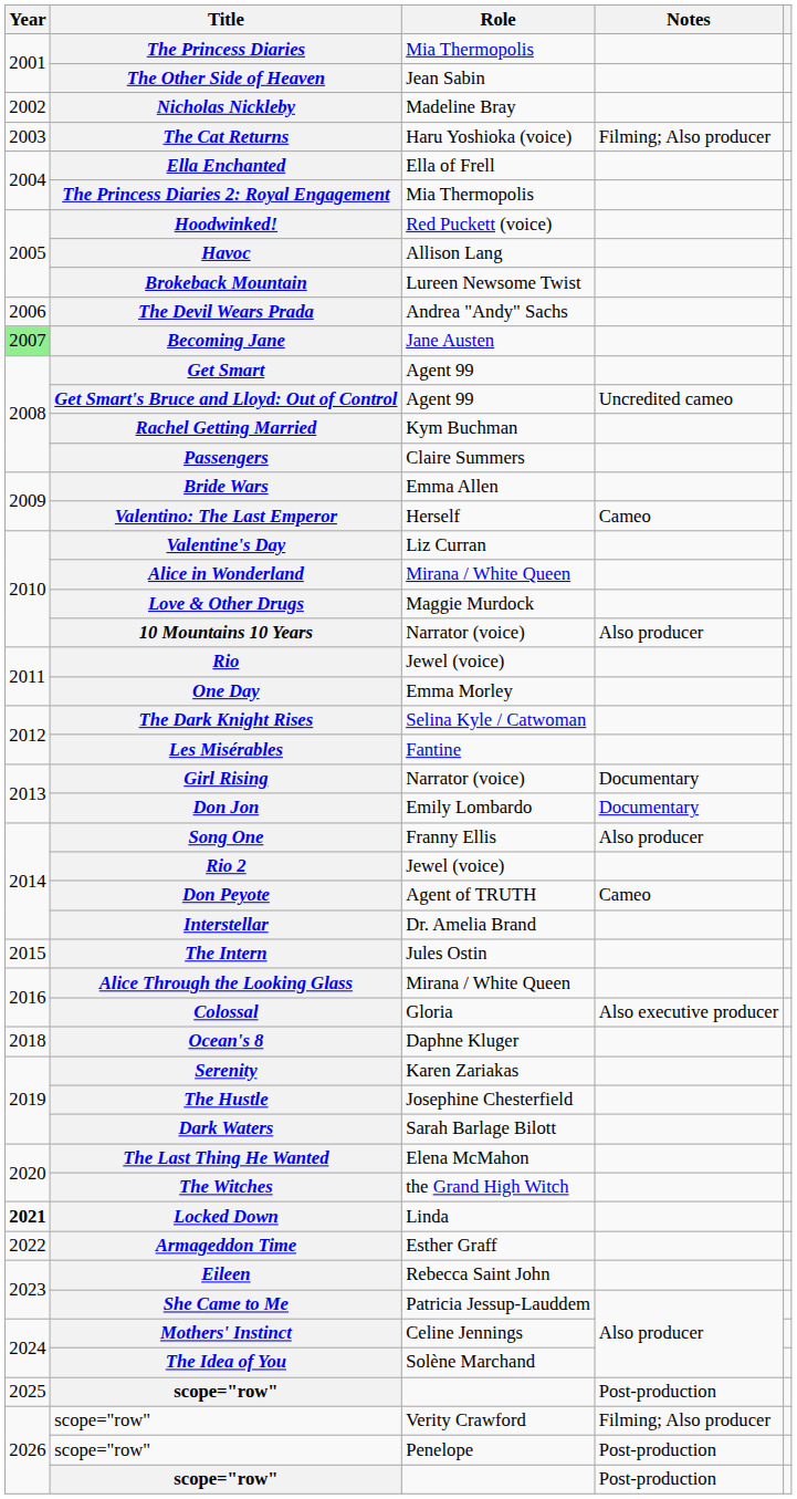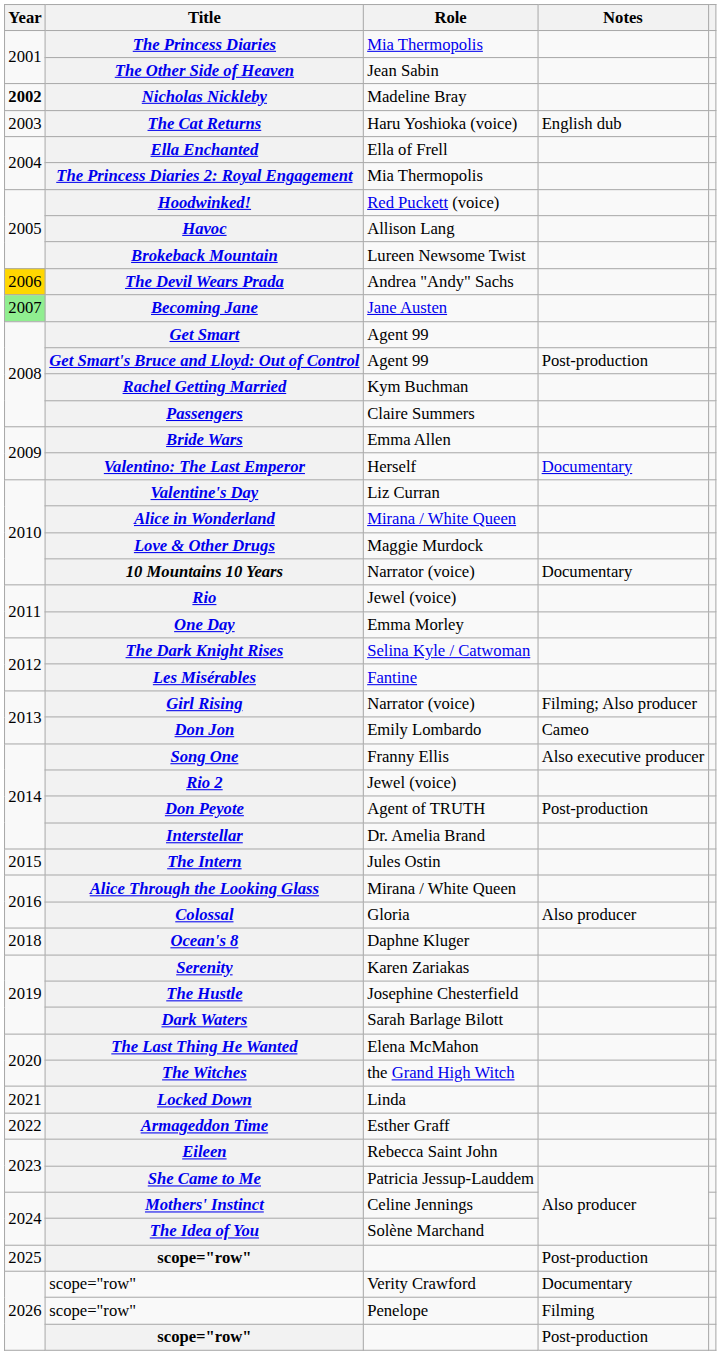 <table class="wikitable plainrowheaders sortable">
 <tr>
 <th scope="col">Year</th>
 <th scope="col">Title</th>
 <th scope="col">Role</th>
 <th scope="col" class="unsortable">Notes</th>
 <th scope=col class="unsortable"></th>
 </tr>
 <tr>
 <td rowspan="2">2001</td>
 <th scope=row><em><a href='#'>The Princess Diaries</a></em></th>
 <td><a href='#'>Mia Thermopolis</a></td>
 <td></td>
 <td style="text-align: center;"></td>
 </tr>
 <tr>
 <th scope=row><em><a href='#'>The Other Side of Heaven</a></em></th>
 <td>Jean Sabin</td>
 <td></td>
 <td style="text-align: center;"></td>
 </tr>
 <tr>
-<td>2002</td>
+<td><strong>2002</strong></td>
 <th scope=row><em><a href='#'>Nicholas Nickleby</a></em></th>
 <td>Madeline Bray</td>
 <td></td>
 <td style="text-align: center;"></td>
 </tr>
 <tr>
 <td>2003</td>
 <th scope=row><em><a href='#'>The Cat Returns</a></em></th>
 <td>Haru Yoshioka (voice)</td>
-<td>Filming; Also producer</td>
+<td>English dub</td>
 <td style="text-align: center;"></td>
 </tr>
 <tr>
 <td rowspan="2">2004</td>
 <th scope=row><em><a href='#'>Ella Enchanted</a></em></th>
 <td>Ella of Frell</td>
 <td></td>
 <td style="text-align: center;"></td>
 </tr>
 <tr>
 <th scope=row><em><a href='#'>The Princess Diaries 2: Royal Engagement</a></em></th>
 <td>Mia Thermopolis</td>
 <td></td>
 <td style="text-align: center;"></td>
 </tr>
 <tr>
 <td rowspan="3">2005</td>
 <th scope=row><em><a href='#'>Hoodwinked!</a></em></th>
 <td><a href='#'>Red Puckett</a> (voice)</td>
 <td></td>
 <td style="text-align: center;"></td>
 </tr>
 <tr>
 <th scope=row><em><a href='#'>Havoc</a></em></th>
 <td>Allison Lang</td>
 <td></td>
 <td style="text-align: center;"></td>
 </tr>
 <tr>
 <th scope=row><em><a href='#'>Brokeback Mountain</a></em></th>
 <td>Lureen Newsome Twist</td>
 <td></td>
 <td style="text-align: center;"></td>
 </tr>
 <tr>
-<td>2006</td>
+<td style="background: gold;">2006</td>
 <th scope=row><em><a href='#'>The Devil Wears Prada</a></em></th>
 <td>Andrea "Andy" Sachs</td>
 <td></td>
 <td style="text-align: center;"></td>
 </tr>
 <tr>
 <td style="background: lightgreen;">2007</td>
 <th scope=row><em><a href='#'>Becoming Jane</a></em></th>
 <td><a href='#'>Jane Austen</a></td>
 <td></td>
 <td style="text-align: center;"></td>
 </tr>
 <tr>
 <td rowspan="4">2008</td>
 <th scope=row><em><a href='#'>Get Smart</a></em></th>
 <td>Agent 99</td>
 <td></td>
 <td style="text-align: center;"></td>
 </tr>
 <tr>
 <th scope=row><em><a href='#'>Get Smart's Bruce and Lloyd: Out of Control</a></em></th>
 <td>Agent 99</td>
-<td>Uncredited cameo</td>
+<td>Post-production</td>
 <td style="text-align: center;"></td>
 </tr>
 <tr>
 <th scope=row><em><a href='#'>Rachel Getting Married</a></em></th>
 <td>Kym Buchman</td>
 <td></td>
 <td style="text-align: center;"></td>
 </tr>
 <tr>
 <th scope=row><em><a href='#'>Passengers</a></em></th>
 <td>Claire Summers</td>
 <td></td>
 <td style="text-align: center;"></td>
 </tr>
 <tr>
 <td rowspan="2">2009</td>
 <th scope=row><em><a href='#'>Bride Wars</a></em></th>
 <td>Emma Allen</td>
 <td></td>
 <td style="text-align: center;"></td>
 </tr>
 <tr>
 <th scope=row><em><a href='#'>Valentino: The Last Emperor</a></em></th>
 <td>Herself</td>
-<td>Cameo</td>
+<td><a href='#'>Documentary</a></td>
 <td style="text-align: center;"></td>
 </tr>
 <tr>
 <td rowspan="4">2010</td>
 <th scope=row><em><a href='#'>Valentine's Day</a></em></th>
 <td>Liz Curran</td>
 <td></td>
 <td style="text-align: center;"></td>
 </tr>
 <tr>
 <th scope=row><em><a href='#'>Alice in Wonderland</a></em></th>
 <td><a href='#'>Mirana / White Queen</a></td>
 <td></td>
 <td style="text-align: center;"></td>
 </tr>
 <tr>
 <th scope=row><em><a href='#'>Love & Other Drugs</a></em></th>
 <td>Maggie Murdock</td>
 <td></td>
 <td style="text-align: center;"></td>
 </tr>
 <tr>
 <th scope=row><em>10 Mountains 10 Years</em></th>
 <td>Narrator (voice)</td>
-<td>Also producer</td>
+<td>Documentary</td>
 <td style="text-align: center;"></td>
 </tr>
 <tr>
 <td rowspan="2">2011</td>
 <th scope=row><em><a href='#'>Rio</a></em></th>
 <td>Jewel (voice)</td>
 <td></td>
 <td style="text-align: center;"></td>
 </tr>
 <tr>
 <th scope=row><em><a href='#'>One Day</a></em></th>
 <td>Emma Morley</td>
 <td></td>
 <td style="text-align: center;"></td>
 </tr>
 <tr>
 <td rowspan="2">2012</td>
 <th scope=row><em><a href='#'>The Dark Knight Rises</a></em></th>
 <td><a href='#'>Selina Kyle / Catwoman</a></td>
 <td></td>
 <td style="text-align: center;"></td>
 </tr>
 <tr>
 <th scope=row><em><a href='#'>Les Misérables</a></em></th>
 <td><a href='#'>Fantine</a></td>
 <td></td>
 <td style="text-align: center;"></td>
 </tr>
 <tr>
 <td rowspan="2">2013</td>
 <th scope=row><em><a href='#'>Girl Rising</a></em></th>
 <td>Narrator (voice)</td>
-<td>Documentary</td>
+<td>Filming; Also producer</td>
 <td style="text-align: center;"></td>
 </tr>
 <tr>
 <th scope=row><em><a href='#'>Don Jon</a></em></th>
 <td>Emily Lombardo</td>
-<td><a href='#'>Documentary</a></td>
+<td>Cameo</td>
 <td style="text-align: center;"></td>
 </tr>
 <tr>
 <td rowspan="4">2014</td>
 <th scope=row><em><a href='#'>Song One</a></em></th>
 <td>Franny Ellis</td>
-<td>Also producer</td>
+<td>Also executive producer</td>
 <td style="text-align: center;"></td>
 </tr>
 <tr>
 <th scope=row><em><a href='#'>Rio 2</a></em></th>
 <td>Jewel (voice)</td>
 <td></td>
 <td style="text-align: center;"></td>
 </tr>
 <tr>
 <th scope=row><em><a href='#'>Don Peyote</a></em></th>
 <td>Agent of TRUTH</td>
-<td>Cameo</td>
+<td>Post-production</td>
 <td style="text-align: center;"></td>
 </tr>
 <tr>
 <th scope=row><em><a href='#'>Interstellar</a></em></th>
 <td>Dr. Amelia Brand</td>
 <td></td>
 <td style="text-align: center;"></td>
 </tr>
 <tr>
 <td>2015</td>
 <th scope=row><em><a href='#'>The Intern</a></em></th>
 <td>Jules Ostin</td>
 <td></td>
 <td style="text-align: center;"></td>
 </tr>
 <tr>
 <td rowspan="2">2016</td>
 <th scope=row><em><a href='#'>Alice Through the Looking Glass</a></em></th>
 <td>Mirana / White Queen</td>
 <td></td>
 <td style="text-align: center;"></td>
 </tr>
 <tr>
 <th scope=row><em><a href='#'>Colossal</a></em></th>
 <td>Gloria</td>
-<td>Also executive producer</td>
+<td>Also producer</td>
 <td style="text-align: center;"></td>
 </tr>
 <tr>
 <td>2018</td>
 <th scope="row"><em><a href='#'>Ocean's 8</a></em></th>
 <td>Daphne Kluger</td>
 <td></td>
 <td style="text-align: center;"></td>
 </tr>
 <tr>
 <td rowspan="3">2019</td>
 <th scope="row"><em><a href='#'>Serenity</a></em></th>
 <td>Karen Zariakas</td>
 <td></td>
 <td style="text-align: center;"></td>
 </tr>
 <tr>
 <th scope="row"><em><a href='#'>The Hustle</a></em></th>
 <td>Josephine Chesterfield</td>
 <td></td>
 <td style="text-align: center;"></td>
 </tr>
 <tr>
 <th scope="row"><em><a href='#'>Dark Waters</a></em></th>
 <td>Sarah Barlage Bilott</td>
 <td></td>
 <td style="text-align: center;"></td>
 </tr>
 <tr>
 <td rowspan="2">2020</td>
 <th scope="row"><em><a href='#'>The Last Thing He Wanted</a></em></th>
 <td>Elena McMahon</td>
 <td></td>
 <td style="text-align: center;"></td>
 </tr>
 <tr>
 <th scope="row"><em><a href='#'>The Witches</a></em></th>
 <td>the <a href='#'>Grand High Witch</a></td>
 <td></td>
 <td style="text-align: center;"></td>
 </tr>
 <tr>
-<td><strong>2021</strong></td>
+<td>2021</td>
 <th scope="row"><em><a href='#'>Locked Down</a></em></th>
 <td>Linda</td>
 <td></td>
 <td style="text-align: center;"></td>
 </tr>
 <tr>
 <td>2022</td>
 <th scope="row"><em><a href='#'>Armageddon Time</a></em></th>
 <td>Esther Graff</td>
 <td></td>
 <td style="text-align: center;"></td>
 </tr>
 <tr>
 <td rowspan="2">2023</td>
 <th scope="row"><em><a href='#'>Eileen</a></em></th>
 <td>Rebecca Saint John</td>
 <td></td>
 <td style="text-align: center;"></td>
 </tr>
 <tr>
 <th scope="row"><em><a href='#'>She Came to Me</a></em></th>
 <td>Patricia Jessup-Lauddem</td>
 <td rowspan="3">Also producer</td>
 <td style="text-align: center;"></td>
 </tr>
 <tr>
 <td rowspan="2">2024</td>
 <th scope="row"><em><a href='#'>Mothers' Instinct</a></em></th>
 <td>Celine Jennings</td>
 <td style="text-align: center;"></td>
 </tr>
 <tr>
 <th scope="row"><em><a href='#'>The Idea of You</a></em></th>
 <td>Solène Marchand</td>
 <td style="text-align: center;"></td>
 </tr>
 <tr>
 <td>2025</td>
 <th>scope="row" </th>
 <td></td>
 <td>Post-production</td>
 <td style="text-align: center;"></td>
 </tr>
 <tr>
 <td rowspan="3">2026</td>
 <td>scope="row" </td>
 <td>Verity Crawford</td>
-<td>Filming; Also producer</td>
+<td>Documentary</td>
 <td></td>
 </tr>
 <tr>
 <td>scope="row" </td>
 <td>Penelope</td>
-<td>Post-production</td>
+<td>Filming</td>
 <td></td>
 </tr>
 <tr>
 <th>scope="row" </th>
 <td></td>
 <td>Post-production</td>
 <td style="text-align: center;"></td>
 </tr>
 </table>
